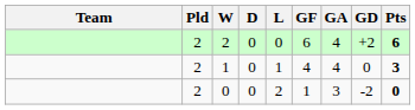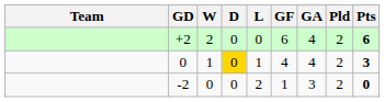 <table class="wikitable" style="text-align: center;">
 <tr>
 <th style="width:175px;">Team</th>
-<th width="20">Pld</th>
+<th width="20">GD</th>
 <th width="20">W</th>
 <th width="20">D</th>
 <th width="20">L</th>
 <th width="20">GF</th>
 <th width="20">GA</th>
-<th width="20">GD</th>
+<th width="20">Pld</th>
 <th width="20">Pts</th>
 </tr>
 <tr style="background:#cfc;">
 <td style="text-align:left;"></td>
-<td>2</td>
+<td>+2</td>
 <td>2</td>
 <td>0</td>
 <td>0</td>
 <td>6</td>
 <td>4</td>
-<td>+2</td>
+<td>2</td>
 <td><strong>6</strong></td>
 </tr>
 <tr>
 <td style="text-align:left;"></td>
-<td>2</td>
+<td>0</td>
 <td>1</td>
-<td>0</td>
+<td style="background: gold;">0</td>
 <td>1</td>
 <td>4</td>
 <td>4</td>
-<td>0</td>
+<td>2</td>
 <td><strong>3</strong></td>
 </tr>
 <tr>
 <td style="text-align:left;"></td>
-<td>2</td>
+<td>-2</td>
 <td>0</td>
 <td>0</td>
 <td>2</td>
 <td>1</td>
 <td>3</td>
-<td>-2</td>
+<td>2</td>
 <td><strong>0</strong></td>
 </tr>
 </table>
